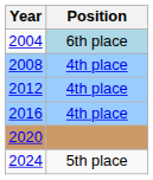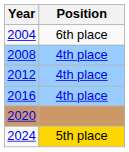 <table class="wikitable" style="text-align: center;">
 <tr>
 <th>Year</th>
 <th width="100">Position</th>
 </tr>
 <tr>
 <td> <a href='#'>2004</a></td>
-<td style="background: lightblue;">6th place</td>
+<td>6th place</td>
 </tr>
 <tr style="background:#9ACDFF;">
 <td> <a href='#'>2008</a></td>
 <td><a href='#'>4th place</a></td>
 </tr>
 <tr style="background:#9ACDFF;">
 <td> <a href='#'>2012</a></td>
 <td><a href='#'>4th place</a></td>
 </tr>
 <tr style="background:#9ACDFF;">
 <td> <a href='#'>2016</a></td>
 <td><a href='#'>4th place</a></td>
 </tr>
 <tr bgcolor=cc9966>
 <td> <a href='#'>2020</a></td>
 <td></td>
 </tr>
 <tr>
 <td> <a href='#'>2024</a></td>
-<td>5th place</td>
+<td style="background: gold;">5th place</td>
 </tr>
 </table>
